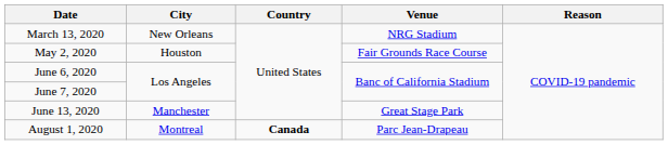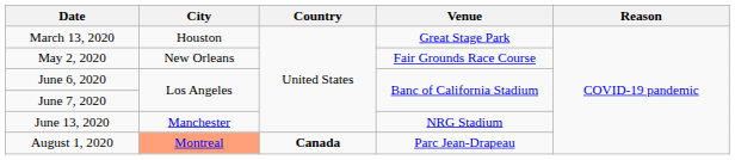 <table class="wikitable plainrowheaders" style="text-align: center;">
 <tr>
 <th scope="col" style="width:12em;">Date</th>
 <th scope="col" style="width:10em;">City</th>
 <th scope="col" style="width:10em;">Country</th>
 <th scope="col" style="width:16em;">Venue</th>
 <th scope="col" style="width:16em;">Reason</th>
 </tr>
 <tr>
 <td>March 13, 2020</td>
-<td>New Orleans</td>
+<td>Houston</td>
 <td rowspan="5">United States</td>
-<td><a href='#'>NRG Stadium</a></td>
+<td><a href='#'>Great Stage Park</a></td>
 <td rowspan="6"><a href='#'>COVID-19 pandemic</a></td>
 </tr>
 <tr>
 <td>May 2, 2020</td>
-<td>Houston</td>
+<td>New Orleans</td>
 <td><a href='#'>Fair Grounds Race Course</a></td>
 </tr>
 <tr>
 <td>June 6, 2020</td>
 <td rowspan="2">Los Angeles</td>
 <td rowspan="2"><a href='#'>Banc of California Stadium</a></td>
 </tr>
 <tr>
 <td>June 7, 2020</td>
 </tr>
 <tr>
 <td>June 13, 2020</td>
 <td><a href='#'>Manchester</a></td>
-<td><a href='#'>Great Stage Park</a></td>
+<td><a href='#'>NRG Stadium</a></td>
 </tr>
 <tr>
 <td>August 1, 2020</td>
-<td><a href='#'>Montreal</a></td>
+<td style="background: lightsalmon;"><a href='#'>Montreal</a></td>
 <td><strong>Canada</strong></td>
 <td><a href='#'>Parc Jean-Drapeau</a></td>
 </tr>
 </table>
